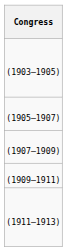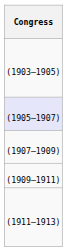 <table class="wikitable" style="float:left; margin:0; margin-right:-0.5px; margin-top:14px; text-align:center;">
 <tr style="white-space:nowrap; height:4.08em;">
 <th>Congress</th>
 </tr>
 <tr style="white-space:nowrap; height:7.18em;">
 <td><strong></strong><br>(1903–1905)</td>
 </tr>
 <tr style="white-space:nowrap; height:4.02em">
-<td><strong></strong><br>(1905–1907)</td>
+<td style="background: lavender;"><strong></strong><br>(1905–1907)</td>
 </tr>
 <tr style="white-space:nowrap; height:4.02em">
 <td><strong></strong><br>(1907–1909)</td>
 </tr>
 <tr style="white-space:nowrap; height:3em">
 <td><strong></strong><br>(1909–1911)</td>
 </tr>
 <tr style="white-space:nowrap; height:7.2em">
 <td><strong></strong><br>(1911–1913)</td>
 </tr>
 </table>
